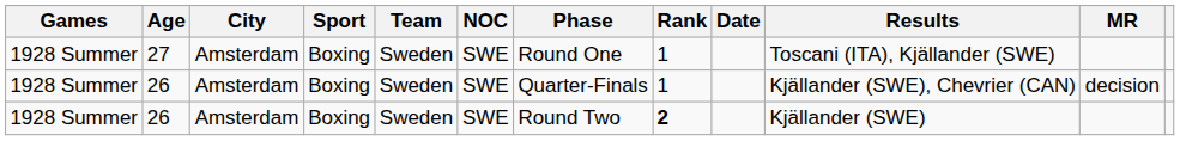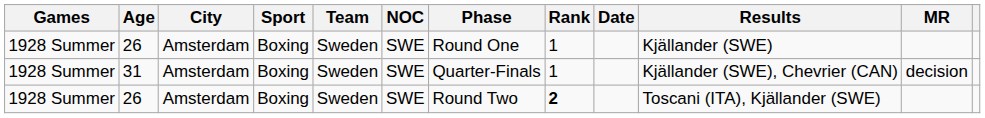 <table class="wikitable">
 <tr>
 <th>Games</th>
 <th>Age</th>
 <th>City</th>
 <th>Sport</th>
 <th>Team</th>
 <th>NOC</th>
 <th>Phase</th>
 <th>Rank</th>
 <th>Date</th>
 <th>Results</th>
 <th>MR</th>
 <th></th>
 </tr>
 <tr>
 <td>1928 Summer</td>
-<td>27</td>
+<td>26</td>
 <td>Amsterdam</td>
 <td>Boxing</td>
 <td>Sweden</td>
 <td>SWE</td>
 <td>Round One</td>
 <td>1</td>
 <td></td>
-<td>Toscani (ITA), Kjällander (SWE)</td>
+<td>Kjällander (SWE)</td>
 <td></td>
 <td></td>
 </tr>
 <tr>
 <td>1928 Summer</td>
-<td>26</td>
+<td>31</td>
 <td>Amsterdam</td>
 <td>Boxing</td>
 <td>Sweden</td>
 <td>SWE</td>
 <td>Quarter-Finals</td>
 <td>1</td>
 <td></td>
 <td>Kjällander (SWE), Chevrier (CAN)</td>
 <td>decision</td>
 <td></td>
 </tr>
 <tr>
 <td>1928 Summer</td>
 <td>26</td>
 <td>Amsterdam</td>
 <td>Boxing</td>
 <td>Sweden</td>
 <td>SWE</td>
 <td>Round Two</td>
 <td><strong>2</strong></td>
 <td></td>
-<td>Kjällander (SWE)</td>
+<td>Toscani (ITA), Kjällander (SWE)</td>
 <td></td>
 <td></td>
 </tr>
 </table>
